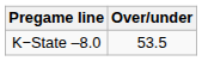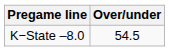 <table class="wikitable" style="margin-left: auto; margin-right: auto; border: none; display: inline-table;">
 <tr align="center">
 <th style=>Pregame line</th>
 <th style=>Over/under</th>
 </tr>
 <tr align="center">
 <td>K−State –8.0</td>
-<td>53.5</td>
+<td>54.5</td>
 </tr>
 </table>
